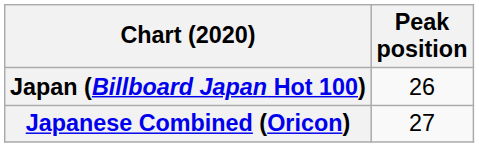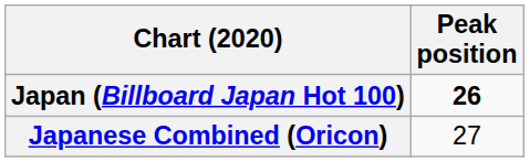 <table class="wikitable sortable plainrowheaders" style="text-align:center">
 <tr>
 <th scope="col">Chart (2020)</th>
 <th scope="col">Peak<br>position</th>
 </tr>
 <tr>
 <th scope="row">Japan (<a href='#'><em>Billboard Japan</em> Hot 100</a>)</th>
-<td>26</td>
+<td><strong>26</strong></td>
 </tr>
 <tr>
 <th scope="row"><a href='#'>Japanese Combined</a> (<a href='#'>Oricon</a>)</th>
 <td>27</td>
 </tr>
 </table>
